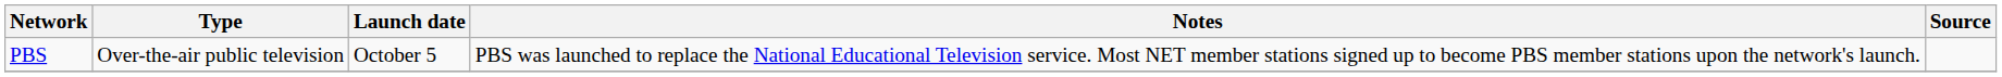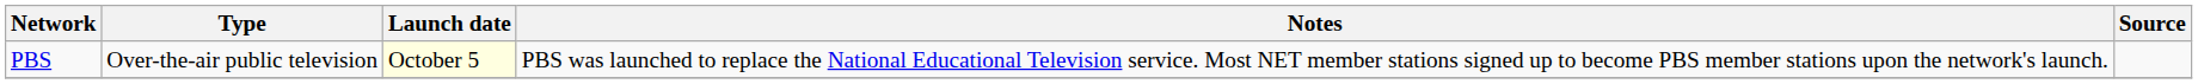 <table class="wikitable sortable">
 <tr>
 <th>Network</th>
 <th>Type</th>
 <th>Launch date</th>
 <th>Notes</th>
 <th>Source</th>
 </tr>
 <tr>
 <td><a href='#'>PBS</a></td>
 <td>Over-the-air public television</td>
-<td>October 5</td>
+<td style="background: lightyellow;">October 5</td>
 <td>PBS was launched to replace the <a href='#'>National Educational Television</a> service. Most NET member stations signed up to become PBS member stations upon the network's launch.</td>
 <td></td>
 </tr>
 <tr>
 </tr>
 </table>
